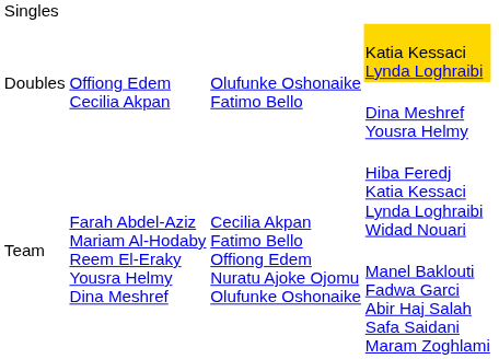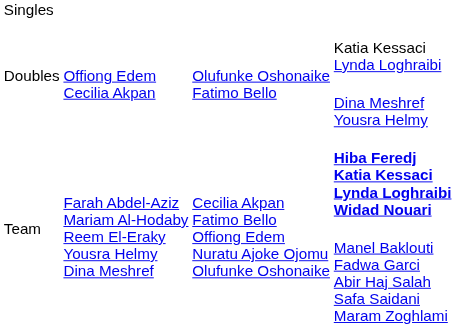 <table>
 <tr>
 <td rowspan=2>Singles</td>
 <td rowspan=2></td>
 <td rowspan=2></td>
 <td></td>
 </tr>
 <tr>
 <td></td>
 </tr>
 <tr>
 <td rowspan=2>Doubles</td>
 <td rowspan=2><br><a href='#'>Offiong Edem</a><br><a href='#'>Cecilia Akpan</a></td>
 <td rowspan=2><br><a href='#'>Olufunke Oshonaike</a><br><a href='#'>Fatimo Bello</a></td>
-<td style="background: gold;"><br>Katia Kessaci<br><a href='#'>Lynda Loghraibi</a></td>
+<td><br>Katia Kessaci<br><a href='#'>Lynda Loghraibi</a></td>
 </tr>
 <tr>
 <td><br><a href='#'>Dina Meshref</a><br><a href='#'>Yousra Helmy</a></td>
 </tr>
 <tr>
 <td rowspan=2>Team</td>
 <td rowspan=2><br><a href='#'>Farah Abdel-Aziz</a><br><a href='#'>Mariam Al-Hodaby</a><br><a href='#'>Reem El-Eraky</a><br><a href='#'>Yousra Helmy</a><br><a href='#'>Dina Meshref</a></td>
 <td rowspan=2><br><a href='#'>Cecilia Akpan</a><br><a href='#'>Fatimo Bello</a><br><a href='#'>Offiong Edem</a><br><a href='#'>Nuratu Ajoke Ojomu</a><br><a href='#'>Olufunke Oshonaike</a></td>
-<td><br><a href='#'>Hiba Feredj</a><br><a href='#'>Katia Kessaci</a><br><a href='#'>Lynda Loghraibi</a><br><a href='#'>Widad Nouari</a></td>
+<td><strong><br><a href='#'>Hiba Feredj</a><br><a href='#'>Katia Kessaci</a><br><a href='#'>Lynda Loghraibi</a><br><a href='#'>Widad Nouari</a></strong></td>
 </tr>
 <tr>
 <td><br><a href='#'>Manel Baklouti</a><br><a href='#'>Fadwa Garci</a><br><a href='#'>Abir Haj Salah</a><br><a href='#'>Safa Saidani</a><br><a href='#'>Maram Zoghlami</a></td>
 </tr>
 </table>
